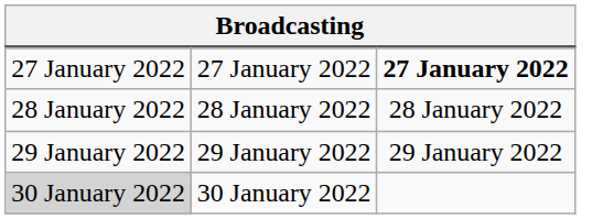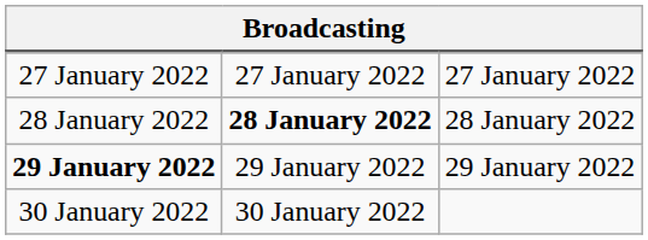 <table class=wikitable style="text-align:center;">
 <tr>
 <th colspan=3>Broadcasting</th>
 </tr>
 <tr style="border-top: 2px solid #333333;">
 </tr>
 <tr>
 <td>27 January 2022 </td>
 <td>27 January 2022 </td>
-<td><strong>27 January 2022 </strong></td>
+<td>27 January 2022 </td>
 </tr>
 <tr>
 <td>28 January 2022 </td>
-<td>28 January 2022 </td>
+<td><strong>28 January 2022 </strong></td>
 <td>28 January 2022 </td>
 </tr>
 <tr>
-<td>29 January 2022 </td>
+<td><strong>29 January 2022 </strong></td>
 <td>29 January 2022 </td>
 <td>29 January 2022 </td>
 </tr>
 <tr>
-<td style="background: lightgrey;">30 January 2022 </td>
+<td>30 January 2022 </td>
 <td>30 January 2022 </td>
 </tr>
 </table>
